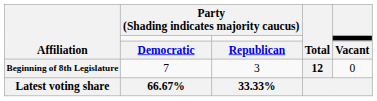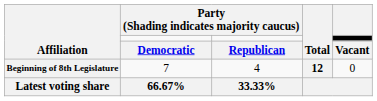 <table class=wikitable style="text-align:center">
 <tr style="vertical-align:bottom;">
 <th rowspan=3>Affiliation</th>
 <th colspan=2>Party <div>(Shading indicates majority caucus)</div></th>
 <th rowspan=3>Total</th>
 <th></th>
 </tr>
 <tr -style="height:5px">
 <td style="background-color:"></td>
 <td style="background-color:"></td>
 <td style="background-color:black"></td>
 </tr>
 <tr>
 <th><a href='#'>Democratic</a></th>
 <th><a href='#'>Republican</a></th>
 <th>Vacant</th>
 </tr>
 <tr>
 <th nowrap style="font-size:80%">Beginning of 8th Legislature</th>
 <td>7</td>
-<td>3</td>
+<td>4</td>
 <th>12</th>
 <td>0</td>
 </tr>
 <tr>
 <th>Latest voting share</th>
 <th>66.67%</th>
 <th>33.33%</th>
 <th colspan=2></th>
 </tr>
 </table>
